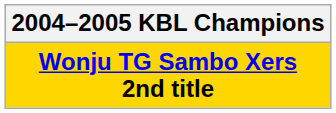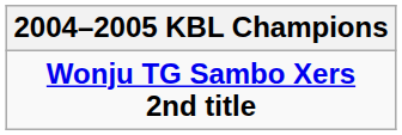 <table class=wikitable style="text-align:center; margin:auto">
 <tr>
 <th>2004–2005 KBL Champions</th>
 </tr>
 <tr>
-<td style="background: gold;"><strong><a href='#'>Wonju TG Sambo Xers</a></strong><br><strong>2nd title</strong></td>
+<td><strong><a href='#'>Wonju TG Sambo Xers</a></strong><br><strong>2nd title</strong></td>
 </tr>
 </table>
